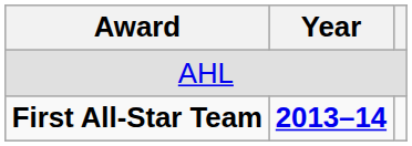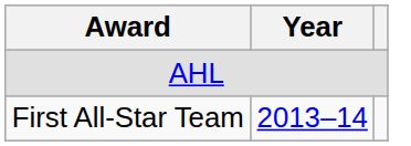 <table class="wikitable">
 <tr>
 <th>Award</th>
 <th>Year</th>
 <th></th>
 </tr>
 <tr ALIGN="center" bgcolor="#e0e0e0">
 <td colspan="3"><a href='#'>AHL</a></td>
 </tr>
 <tr>
-<td><strong>First All-Star Team</strong></td>
-<td><strong><a href='#'>2013–14</a></strong></td>
+<td>First All-Star Team</td>
+<td><a href='#'>2013–14</a></td>
 <td></td>
 </tr>
 </table>
